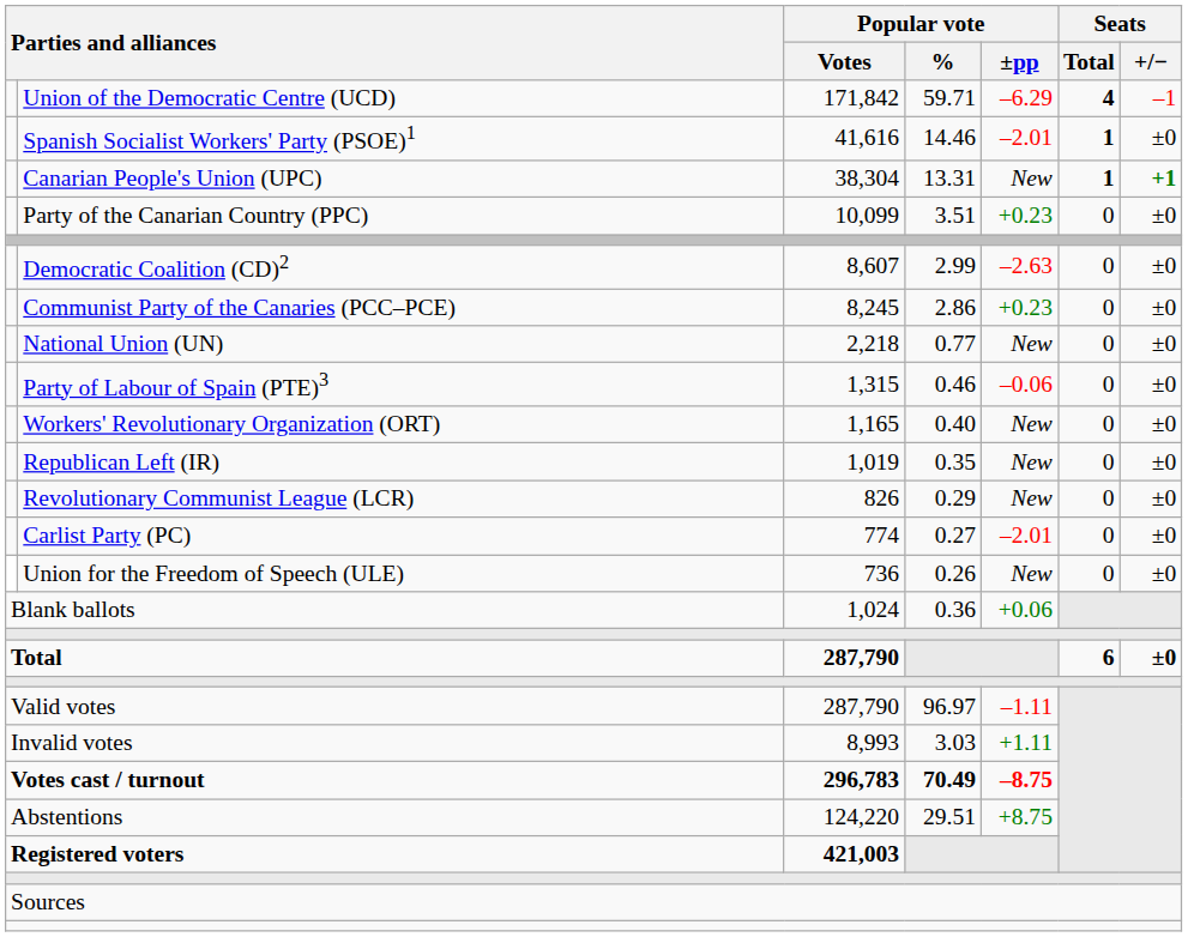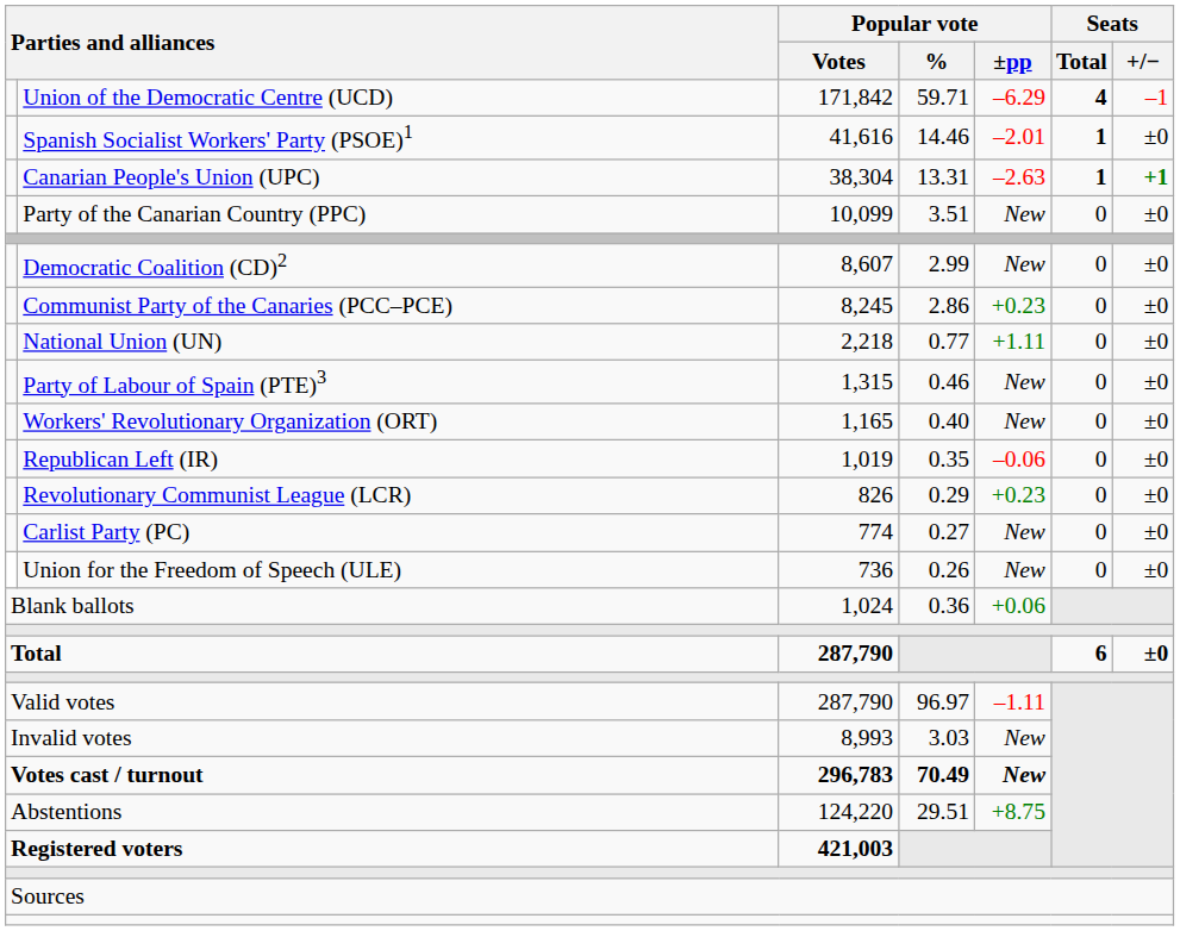 <table class="wikitable" style="text-align:right;">
 <tr>
 <th style="text-align:left;" rowspan="2" colspan="2" width="525">Parties and alliances</th>
 <th colspan="3">Popular vote</th>
 <th colspan="2">Seats</th>
 </tr>
 <tr>
 <th width="75">Votes</th>
 <th width="45">%</th>
 <th width="45">±<a href='#'>pp</a></th>
 <th width="35">Total</th>
 <th width="35">+/−</th>
 </tr>
 <tr>
 <td width="1" style="color:inherit;background:"></td>
 <td align="left"><a href='#'>Union of the Democratic Centre</a> (UCD)</td>
 <td>171,842</td>
 <td>59.71</td>
 <td style="color:red;">–6.29</td>
 <td><strong>4</strong></td>
 <td style="color:red;">–1</td>
 </tr>
 <tr>
 <td style="color:inherit;background:"></td>
 <td align="left"><a href='#'>Spanish Socialist Workers' Party</a> (PSOE)<sup>1</sup></td>
 <td>41,616</td>
 <td>14.46</td>
 <td style="color:red;">–2.01</td>
 <td><strong>1</strong></td>
 <td>±0</td>
 </tr>
 <tr>
 <td style="color:inherit;background:"></td>
 <td align="left"><a href='#'>Canarian People's Union</a> (UPC)</td>
 <td>38,304</td>
 <td>13.31</td>
-<td><em>New</em></td>
+<td style="color:red;">–2.63</td>
 <td><strong>1</strong></td>
 <td style="color:green;"><strong>+1</strong></td>
 </tr>
 <tr>
 <td style="color:inherit;background:"></td>
 <td align="left">Party of the Canarian Country (PPC)</td>
 <td>10,099</td>
 <td>3.51</td>
-<td style="color:green;">+0.23</td>
+<td><em>New</em></td>
 <td>0</td>
 <td>±0</td>
 </tr>
 <tr>
 <td colspan="7" bgcolor="#C0C0C0"></td>
 </tr>
 <tr>
 <td style="color:inherit;background:"></td>
 <td align="left"><a href='#'>Democratic Coalition</a> (CD)<sup>2</sup></td>
 <td>8,607</td>
 <td>2.99</td>
-<td style="color:red;">–2.63</td>
+<td><em>New</em></td>
 <td>0</td>
 <td>±0</td>
 </tr>
 <tr>
 <td style="color:inherit;background:"></td>
 <td align="left"><a href='#'>Communist Party of the Canaries</a> (PCC–PCE)</td>
 <td>8,245</td>
 <td>2.86</td>
 <td style="color:green;">+0.23</td>
 <td>0</td>
 <td>±0</td>
 </tr>
 <tr>
 <td style="color:inherit;background:"></td>
 <td align="left"><a href='#'>National Union</a> (UN)</td>
 <td>2,218</td>
 <td>0.77</td>
-<td><em>New</em></td>
+<td style="color:green;">+1.11</td>
 <td>0</td>
 <td>±0</td>
 </tr>
 <tr>
 <td style="color:inherit;background:"></td>
 <td align="left"><a href='#'>Party of Labour of Spain</a> (PTE)<sup>3</sup></td>
 <td>1,315</td>
 <td>0.46</td>
-<td style="color:red;">–0.06</td>
+<td><em>New</em></td>
 <td>0</td>
 <td>±0</td>
 </tr>
 <tr>
 <td style="color:inherit;background:"></td>
 <td align="left"><a href='#'>Workers' Revolutionary Organization</a> (ORT)</td>
 <td>1,165</td>
 <td>0.40</td>
 <td><em>New</em></td>
 <td>0</td>
 <td>±0</td>
 </tr>
 <tr>
 <td style="color:inherit;background:"></td>
 <td align="left"><a href='#'>Republican Left</a> (IR)</td>
 <td>1,019</td>
 <td>0.35</td>
-<td><em>New</em></td>
+<td style="color:red;">–0.06</td>
 <td>0</td>
 <td>±0</td>
 </tr>
 <tr>
 <td style="color:inherit;background:"></td>
 <td align="left"><a href='#'>Revolutionary Communist League</a> (LCR)</td>
 <td>826</td>
 <td>0.29</td>
-<td><em>New</em></td>
+<td style="color:green;">+0.23</td>
 <td>0</td>
 <td>±0</td>
 </tr>
 <tr>
 <td style="color:inherit;background:"></td>
 <td align="left"><a href='#'>Carlist Party</a> (PC)</td>
 <td>774</td>
 <td>0.27</td>
-<td style="color:red;">–2.01</td>
+<td><em>New</em></td>
 <td>0</td>
 <td>±0</td>
 </tr>
 <tr>
 <td bgcolor="white"></td>
 <td align="left">Union for the Freedom of Speech (ULE)</td>
 <td>736</td>
 <td>0.26</td>
 <td><em>New</em></td>
 <td>0</td>
 <td>±0</td>
 </tr>
 <tr>
 <td align="left" colspan="2">Blank ballots</td>
 <td>1,024</td>
 <td>0.36</td>
 <td style="color:green;">+0.06</td>
 <td bgcolor="#E9E9E9" colspan="2"></td>
 </tr>
 <tr>
 <td colspan="7" bgcolor="#E9E9E9"></td>
 </tr>
 <tr style="font-weight:bold;">
 <td align="left" colspan="2">Total</td>
 <td>287,790</td>
 <td bgcolor="#E9E9E9" colspan="2"></td>
 <td>6</td>
 <td>±0</td>
 </tr>
 <tr>
 <td colspan="7" bgcolor="#E9E9E9"></td>
 </tr>
 <tr>
 <td align="left" colspan="2">Valid votes</td>
 <td>287,790</td>
 <td>96.97</td>
 <td style="color:red;">–1.11</td>
 <td bgcolor="#E9E9E9" colspan="2" rowspan="5"></td>
 </tr>
 <tr>
 <td align="left" colspan="2">Invalid votes</td>
 <td>8,993</td>
 <td>3.03</td>
-<td style="color:green;">+1.11</td>
+<td><em>New</em></td>
 </tr>
 <tr style="font-weight:bold;">
 <td align="left" colspan="2">Votes cast / turnout</td>
 <td>296,783</td>
 <td>70.49</td>
-<td style="color:red;">–8.75</td>
+<td><em>New</em></td>
 </tr>
 <tr>
 <td align="left" colspan="2">Abstentions</td>
 <td>124,220</td>
 <td>29.51</td>
 <td style="color:green;">+8.75</td>
 </tr>
 <tr style="font-weight:bold;">
 <td align="left" colspan="2">Registered voters</td>
 <td>421,003</td>
 <td bgcolor="#E9E9E9" colspan="2"></td>
 </tr>
 <tr>
 <td colspan="7" bgcolor="#E9E9E9"></td>
 </tr>
 <tr>
 <td align="left" colspan="7">Sources</td>
 </tr>
 <tr>
 <td colspan="7" style="text-align:left; max-width:790px;"></td>
 </tr>
 </table>
